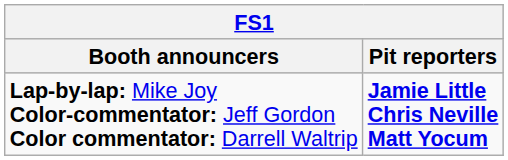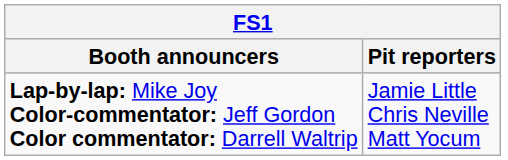 <table class="wikitable" style="font-size: 95%">
 <tr>
 <th colspan="2"><a href='#'>FS1</a></th>
 </tr>
 <tr>
 <th>Booth announcers</th>
 <th>Pit reporters</th>
 </tr>
 <tr>
 <td><strong>Lap-by-lap:</strong> <a href='#'>Mike Joy</a><br><strong>Color-commentator:</strong> <a href='#'>Jeff Gordon</a><br><strong>Color commentator:</strong> <a href='#'>Darrell Waltrip</a></td>
-<td><strong><a href='#'>Jamie Little</a><br><a href='#'>Chris Neville</a><br><a href='#'>Matt Yocum</a></strong></td>
+<td><a href='#'>Jamie Little</a><br><a href='#'>Chris Neville</a><br><a href='#'>Matt Yocum</a></td>
 </tr>
 </table>
